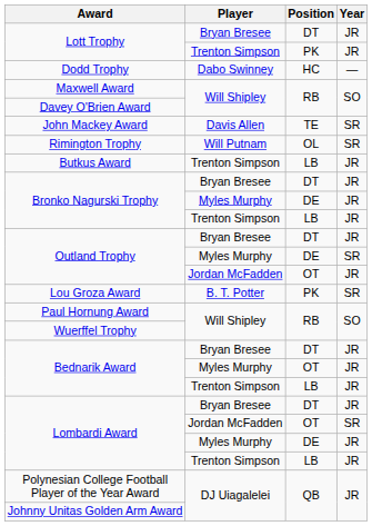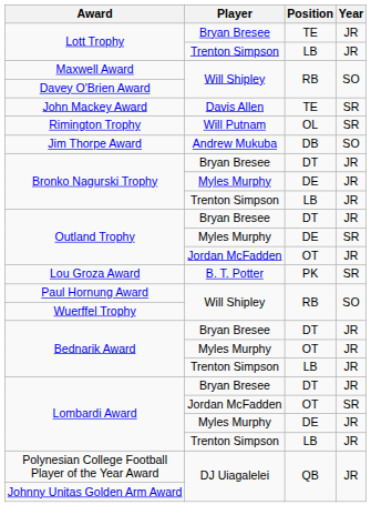 <table class="wikitable" style="text-align:center;">
 <tr>
 <th>Award</th>
 <th>Player</th>
 <th>Position</th>
 <th>Year</th>
 </tr>
 <tr>
 <td rowspan=2><a href='#'>Lott Trophy</a></td>
 <td><a href='#'>Bryan Bresee</a></td>
-<td>DT</td>
+<td>TE</td>
 <td>JR</td>
 </tr>
 <tr>
 <td><a href='#'>Trenton Simpson</a></td>
-<td>PK</td>
+<td>LB</td>
 <td>JR</td>
-</tr>
-<tr>
-<td><a href='#'>Dodd Trophy</a></td>
-<td><a href='#'>Dabo Swinney</a></td>
-<td>HC</td>
-<td>—</td>
 </tr>
 <tr>
 <td><a href='#'>Maxwell Award</a></td>
 <td rowspan=2><a href='#'>Will Shipley</a></td>
 <td rowspan=2>RB</td>
 <td rowspan=2>SO</td>
 </tr>
 <tr>
 <td><a href='#'>Davey O'Brien Award</a></td>
 </tr>
 <tr>
 <td><a href='#'>John Mackey Award</a></td>
 <td><a href='#'>Davis Allen</a></td>
 <td>TE</td>
 <td>SR</td>
 </tr>
 <tr>
 <td><a href='#'>Rimington Trophy</a></td>
 <td><a href='#'>Will Putnam</a></td>
 <td>OL</td>
 <td>SR</td>
 </tr>
 <tr>
-<td><a href='#'>Butkus Award</a></td>
-<td>Trenton Simpson</td>
-<td>LB</td>
-<td>JR</td>
+<td><a href='#'>Jim Thorpe Award</a></td>
+<td><a href='#'>Andrew Mukuba</a></td>
+<td>DB</td>
+<td>SO</td>
 </tr>
 <tr>
 <td rowspan=3><a href='#'>Bronko Nagurski Trophy</a></td>
 <td>Bryan Bresee</td>
 <td>DT</td>
 <td>JR</td>
 </tr>
 <tr>
 <td><a href='#'>Myles Murphy</a></td>
 <td>DE</td>
 <td>JR</td>
 </tr>
 <tr>
 <td>Trenton Simpson</td>
 <td>LB</td>
 <td>JR</td>
 </tr>
 <tr>
 <td rowspan=3><a href='#'>Outland Trophy</a></td>
 <td>Bryan Bresee</td>
 <td>DT</td>
 <td>JR</td>
 </tr>
 <tr>
 <td>Myles Murphy</td>
 <td>DE</td>
 <td>SR</td>
 </tr>
 <tr>
 <td><a href='#'>Jordan McFadden</a></td>
 <td>OT</td>
 <td>JR</td>
 </tr>
 <tr>
 <td><a href='#'>Lou Groza Award</a></td>
 <td><a href='#'>B. T. Potter</a></td>
 <td>PK</td>
 <td> SR</td>
 </tr>
 <tr>
 <td><a href='#'>Paul Hornung Award</a></td>
 <td rowspan=2>Will Shipley</td>
 <td rowspan=2>RB</td>
 <td rowspan=2>SO</td>
 </tr>
 <tr>
 <td><a href='#'>Wuerffel Trophy</a></td>
 </tr>
 <tr>
 <td rowspan=3><a href='#'>Bednarik Award</a></td>
 <td>Bryan Bresee</td>
 <td>DT</td>
 <td>JR</td>
 </tr>
 <tr>
 <td>Myles Murphy</td>
 <td>OT</td>
 <td>JR</td>
 </tr>
 <tr>
 <td>Trenton Simpson</td>
 <td>LB</td>
 <td>JR</td>
 </tr>
 <tr>
 <td rowspan=4><a href='#'>Lombardi Award</a></td>
 <td>Bryan Bresee</td>
 <td>DT</td>
 <td>JR</td>
 </tr>
 <tr>
 <td>Jordan McFadden</td>
 <td>OT</td>
 <td> SR</td>
 </tr>
 <tr>
 <td>Myles Murphy</td>
 <td>DE</td>
 <td>JR</td>
 </tr>
 <tr>
 <td>Trenton Simpson</td>
 <td>LB</td>
 <td>JR</td>
 </tr>
 <tr>
 <td>Polynesian College Football<br>Player of the Year Award</td>
 <td rowspan=2>DJ Uiagalelei</td>
 <td rowspan=2>QB</td>
 <td rowspan=2>JR</td>
 </tr>
 <tr>
 <td><a href='#'>Johnny Unitas Golden Arm Award</a></td>
 </tr>
 </table>
